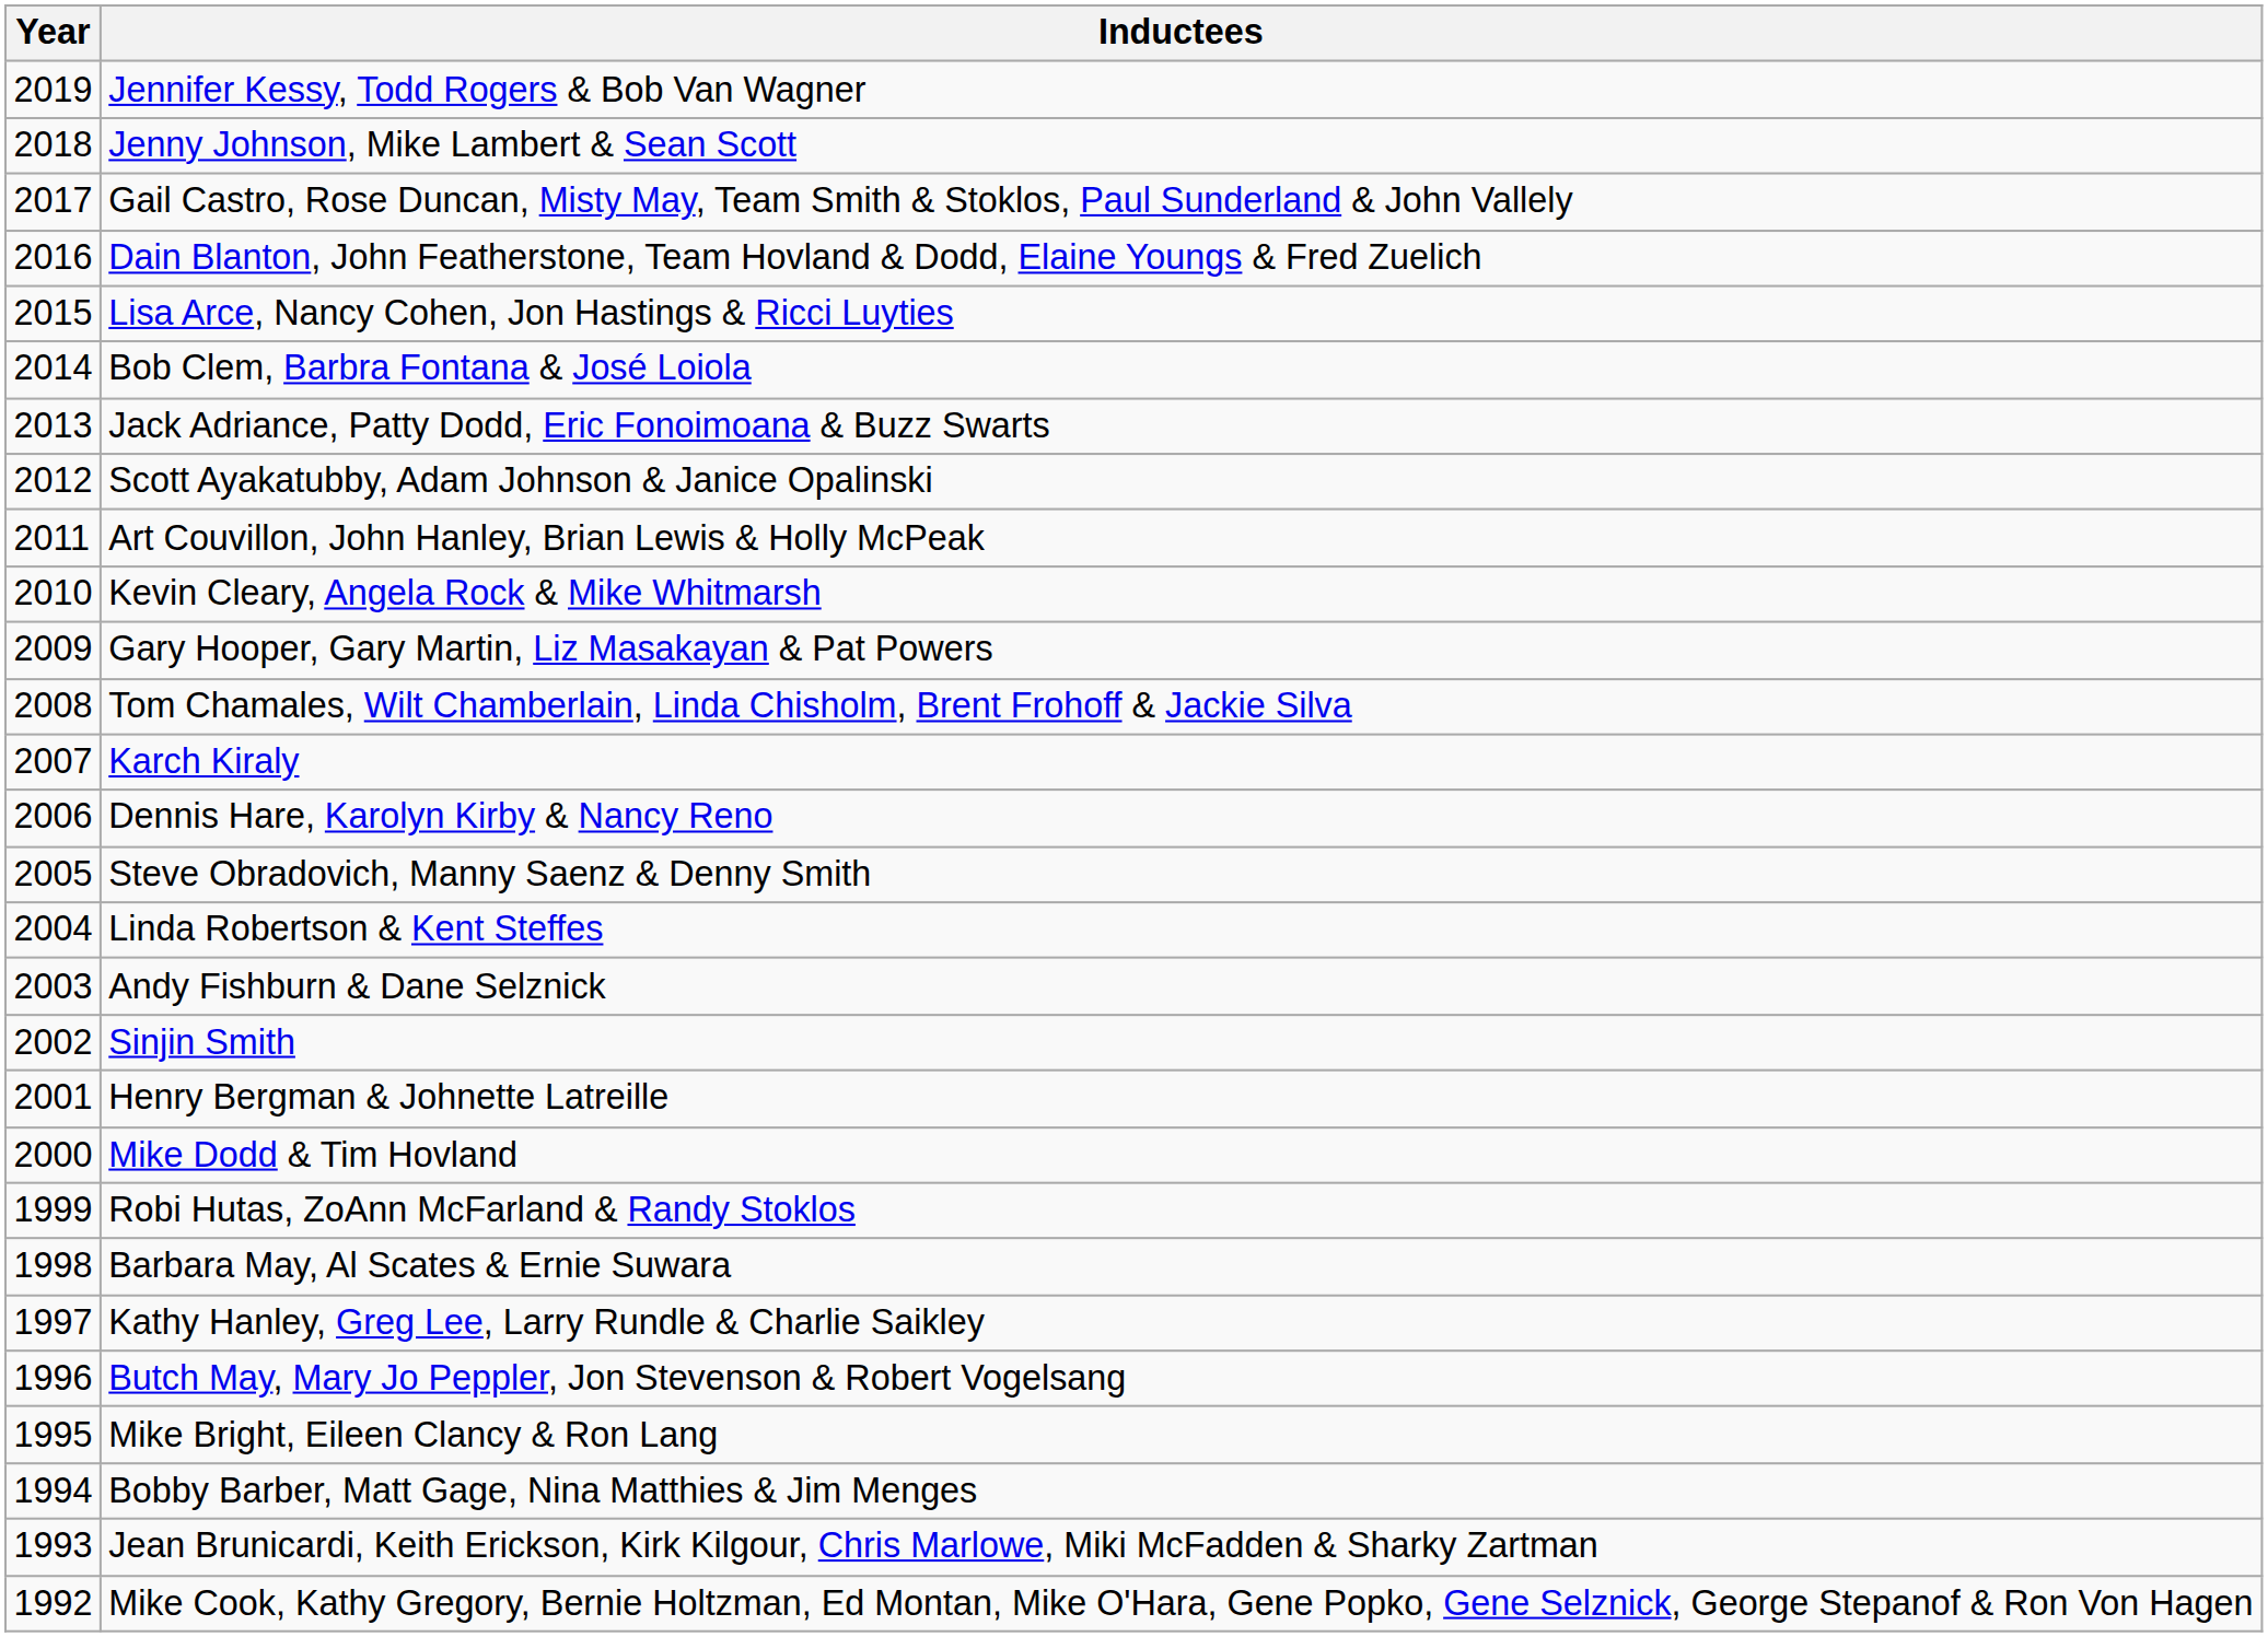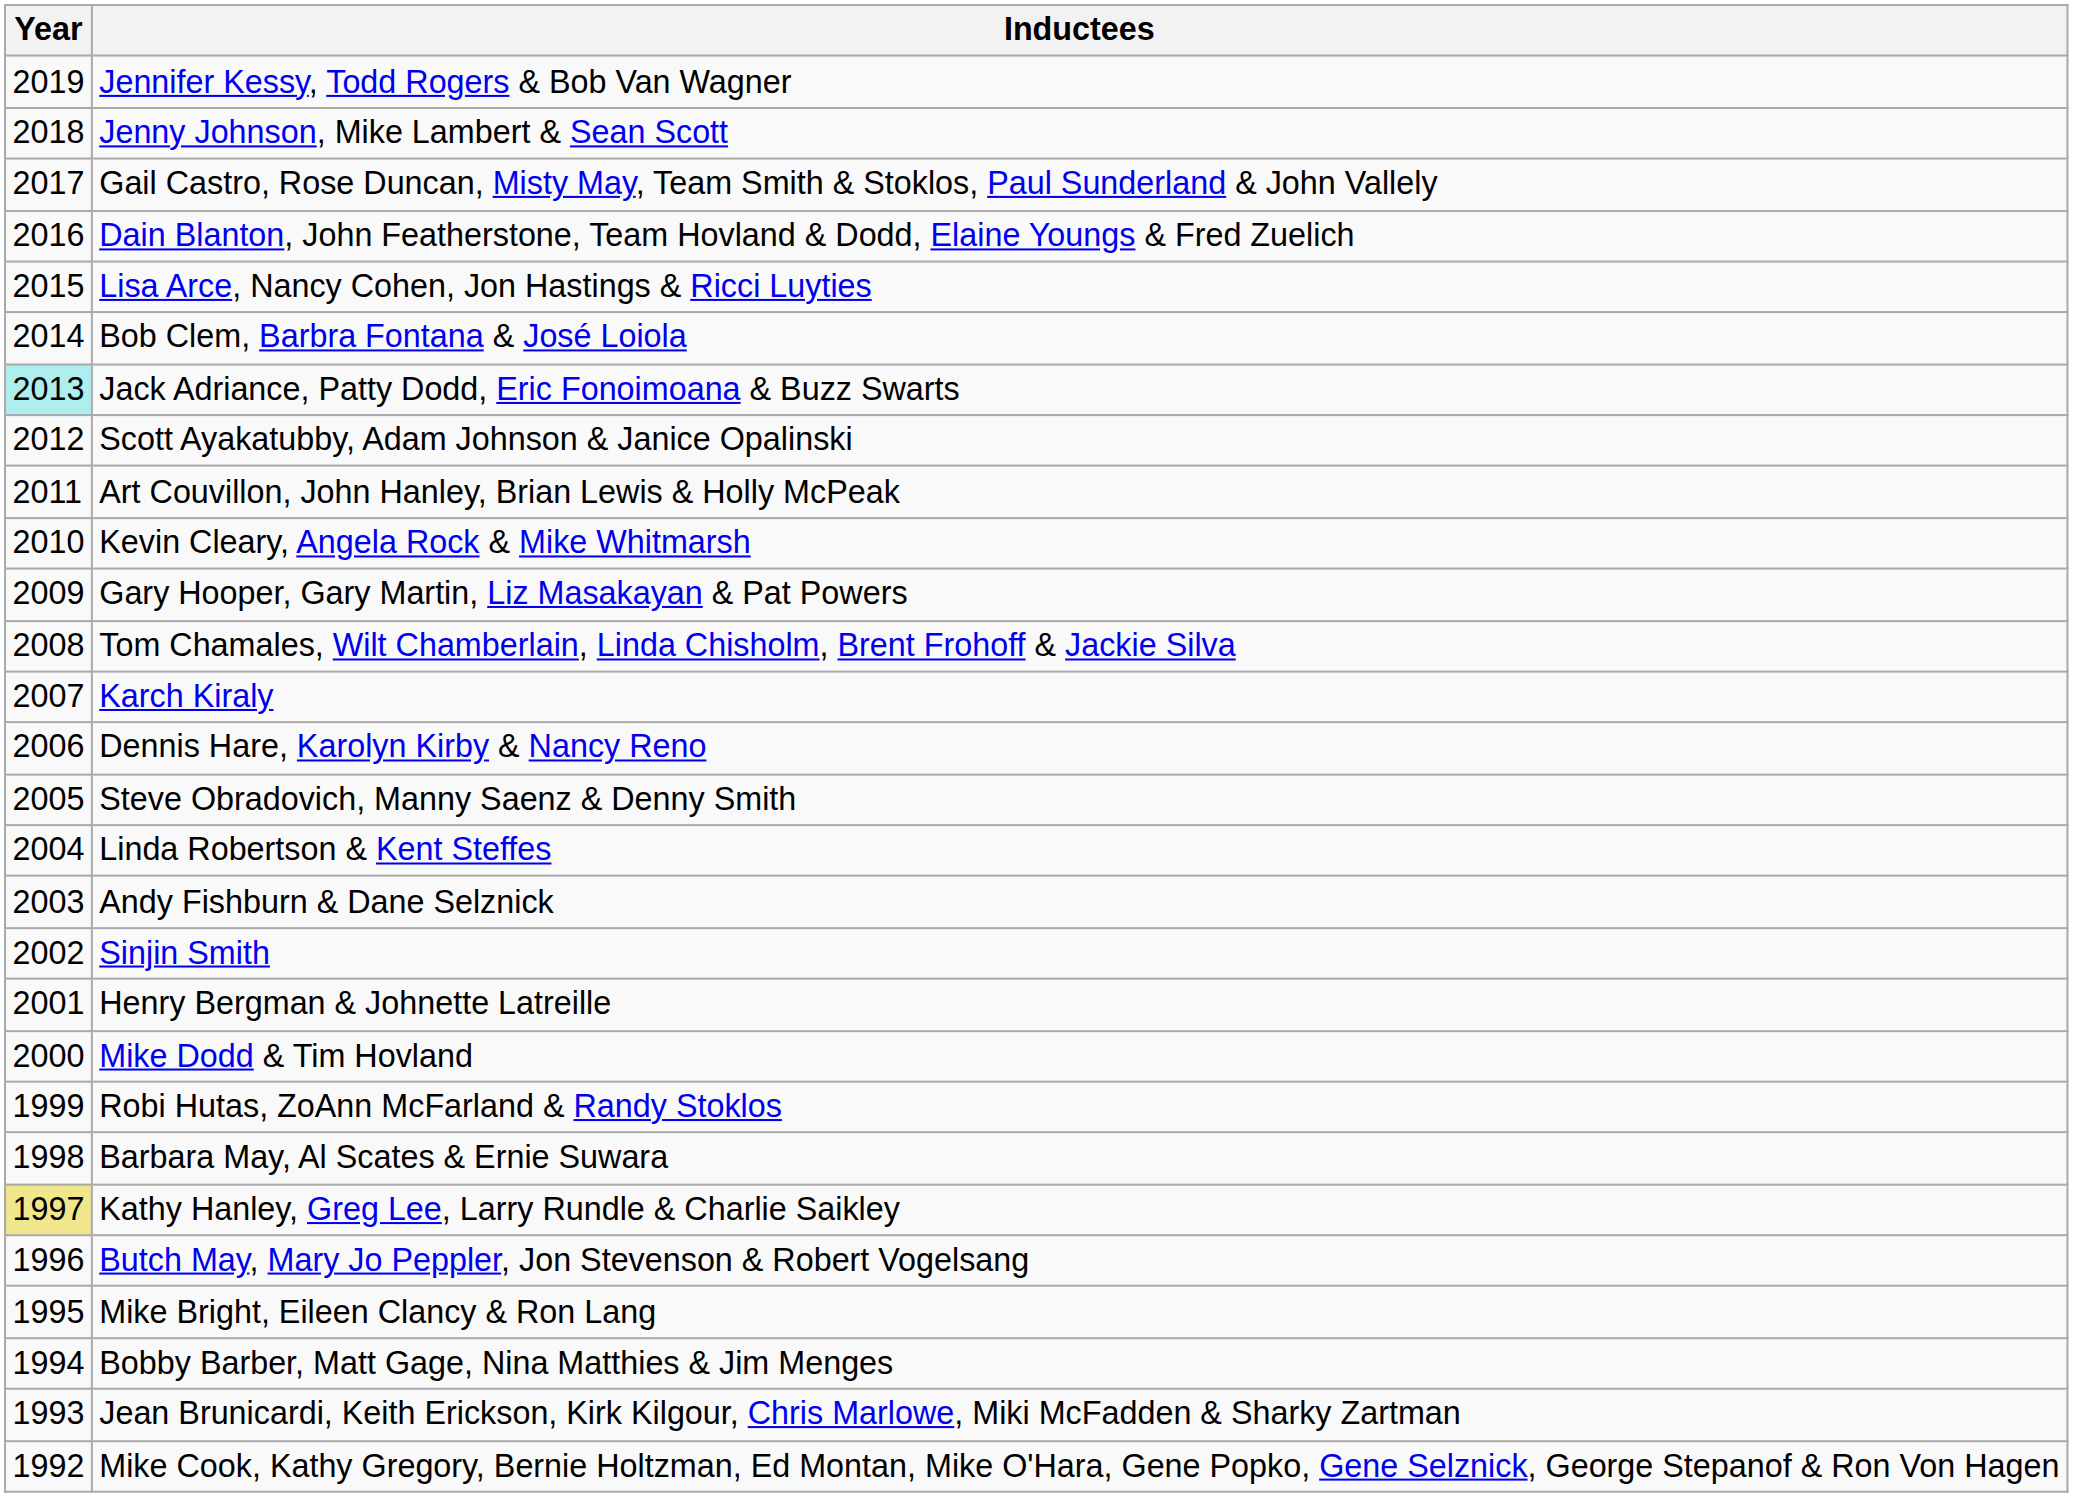 <table class="wikitable">
 <tr>
 <th>Year</th>
 <th>Inductees</th>
 </tr>
 <tr>
 <td>2019</td>
 <td><a href='#'>Jennifer Kessy</a>, <a href='#'>Todd Rogers</a> & Bob Van Wagner</td>
 </tr>
 <tr>
 <td>2018</td>
 <td><a href='#'>Jenny Johnson</a>, Mike Lambert & <a href='#'>Sean Scott</a></td>
 </tr>
 <tr>
 <td>2017</td>
 <td>Gail Castro, Rose Duncan, <a href='#'>Misty May</a>, Team Smith & Stoklos, <a href='#'>Paul Sunderland</a> & John Vallely</td>
 </tr>
 <tr>
 <td>2016</td>
 <td><a href='#'>Dain Blanton</a>, John Featherstone, Team Hovland & Dodd, <a href='#'>Elaine Youngs</a> & Fred Zuelich</td>
 </tr>
 <tr>
 <td>2015</td>
 <td><a href='#'>Lisa Arce</a>, Nancy Cohen, Jon Hastings & <a href='#'>Ricci Luyties</a></td>
 </tr>
 <tr>
 <td>2014</td>
 <td>Bob Clem, <a href='#'>Barbra Fontana</a> & <a href='#'>José Loiola</a></td>
 </tr>
 <tr>
-<td>2013</td>
+<td style="background: paleturquoise;">2013</td>
 <td>Jack Adriance, Patty Dodd, <a href='#'>Eric Fonoimoana</a> & Buzz Swarts</td>
 </tr>
 <tr>
 <td>2012</td>
 <td>Scott Ayakatubby, Adam Johnson & Janice Opalinski</td>
 </tr>
 <tr>
 <td>2011</td>
 <td>Art Couvillon, John Hanley, Brian Lewis & Holly McPeak</td>
 </tr>
 <tr>
 <td>2010</td>
 <td>Kevin Cleary, <a href='#'>Angela Rock</a> & <a href='#'>Mike Whitmarsh</a></td>
 </tr>
 <tr>
 <td>2009</td>
 <td>Gary Hooper, Gary Martin, <a href='#'>Liz Masakayan</a> & Pat Powers</td>
 </tr>
 <tr>
 <td>2008</td>
 <td>Tom Chamales, <a href='#'>Wilt Chamberlain</a>, <a href='#'>Linda Chisholm</a>, <a href='#'>Brent Frohoff</a> & <a href='#'>Jackie Silva</a></td>
 </tr>
 <tr>
 <td>2007</td>
 <td><a href='#'>Karch Kiraly</a></td>
 </tr>
 <tr>
 <td>2006</td>
 <td>Dennis Hare, <a href='#'>Karolyn Kirby</a> & <a href='#'>Nancy Reno</a></td>
 </tr>
 <tr>
 <td>2005</td>
 <td>Steve Obradovich, Manny Saenz & Denny Smith</td>
 </tr>
 <tr>
 <td>2004</td>
 <td>Linda Robertson & <a href='#'>Kent Steffes</a></td>
 </tr>
 <tr>
 <td>2003</td>
 <td>Andy Fishburn & Dane Selznick</td>
 </tr>
 <tr>
 <td>2002</td>
 <td><a href='#'>Sinjin Smith</a></td>
 </tr>
 <tr>
 <td>2001</td>
 <td>Henry Bergman & Johnette Latreille</td>
 </tr>
 <tr>
 <td>2000</td>
 <td><a href='#'>Mike Dodd</a> & Tim Hovland</td>
 </tr>
 <tr>
 <td>1999</td>
 <td>Robi Hutas, ZoAnn McFarland & <a href='#'>Randy Stoklos</a></td>
 </tr>
 <tr>
 <td>1998</td>
 <td>Barbara May, Al Scates & Ernie Suwara</td>
 </tr>
 <tr>
-<td>1997</td>
+<td style="background: khaki;">1997</td>
 <td>Kathy Hanley, <a href='#'>Greg Lee</a>, Larry Rundle & Charlie Saikley</td>
 </tr>
 <tr>
 <td>1996</td>
 <td><a href='#'>Butch May</a>, <a href='#'>Mary Jo Peppler</a>, Jon Stevenson & Robert Vogelsang</td>
 </tr>
 <tr>
 <td>1995</td>
 <td>Mike Bright, Eileen Clancy & Ron Lang</td>
 </tr>
 <tr>
 <td>1994</td>
 <td>Bobby Barber, Matt Gage, Nina Matthies & Jim Menges</td>
 </tr>
 <tr>
 <td>1993</td>
 <td>Jean Brunicardi, Keith Erickson, Kirk Kilgour, <a href='#'>Chris Marlowe</a>, Miki McFadden & Sharky Zartman</td>
 </tr>
 <tr>
 <td>1992</td>
 <td>Mike Cook, Kathy Gregory, Bernie Holtzman, Ed Montan, Mike O'Hara, Gene Popko, <a href='#'>Gene Selznick</a>, George Stepanof & Ron Von Hagen</td>
 </tr>
 </table>
